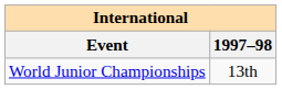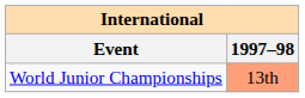 <table class="wikitable" style="text-align:center">
 <tr>
 <th style="background-color: #ffdead; " colspan=2 align=center>International</th>
 </tr>
 <tr>
 <th>Event</th>
 <th>1997–98</th>
 </tr>
 <tr>
 <td align=left><a href='#'>World Junior Championships</a></td>
-<td>13th</td>
+<td style="background: lightsalmon;">13th</td>
 </tr>
 </table>
